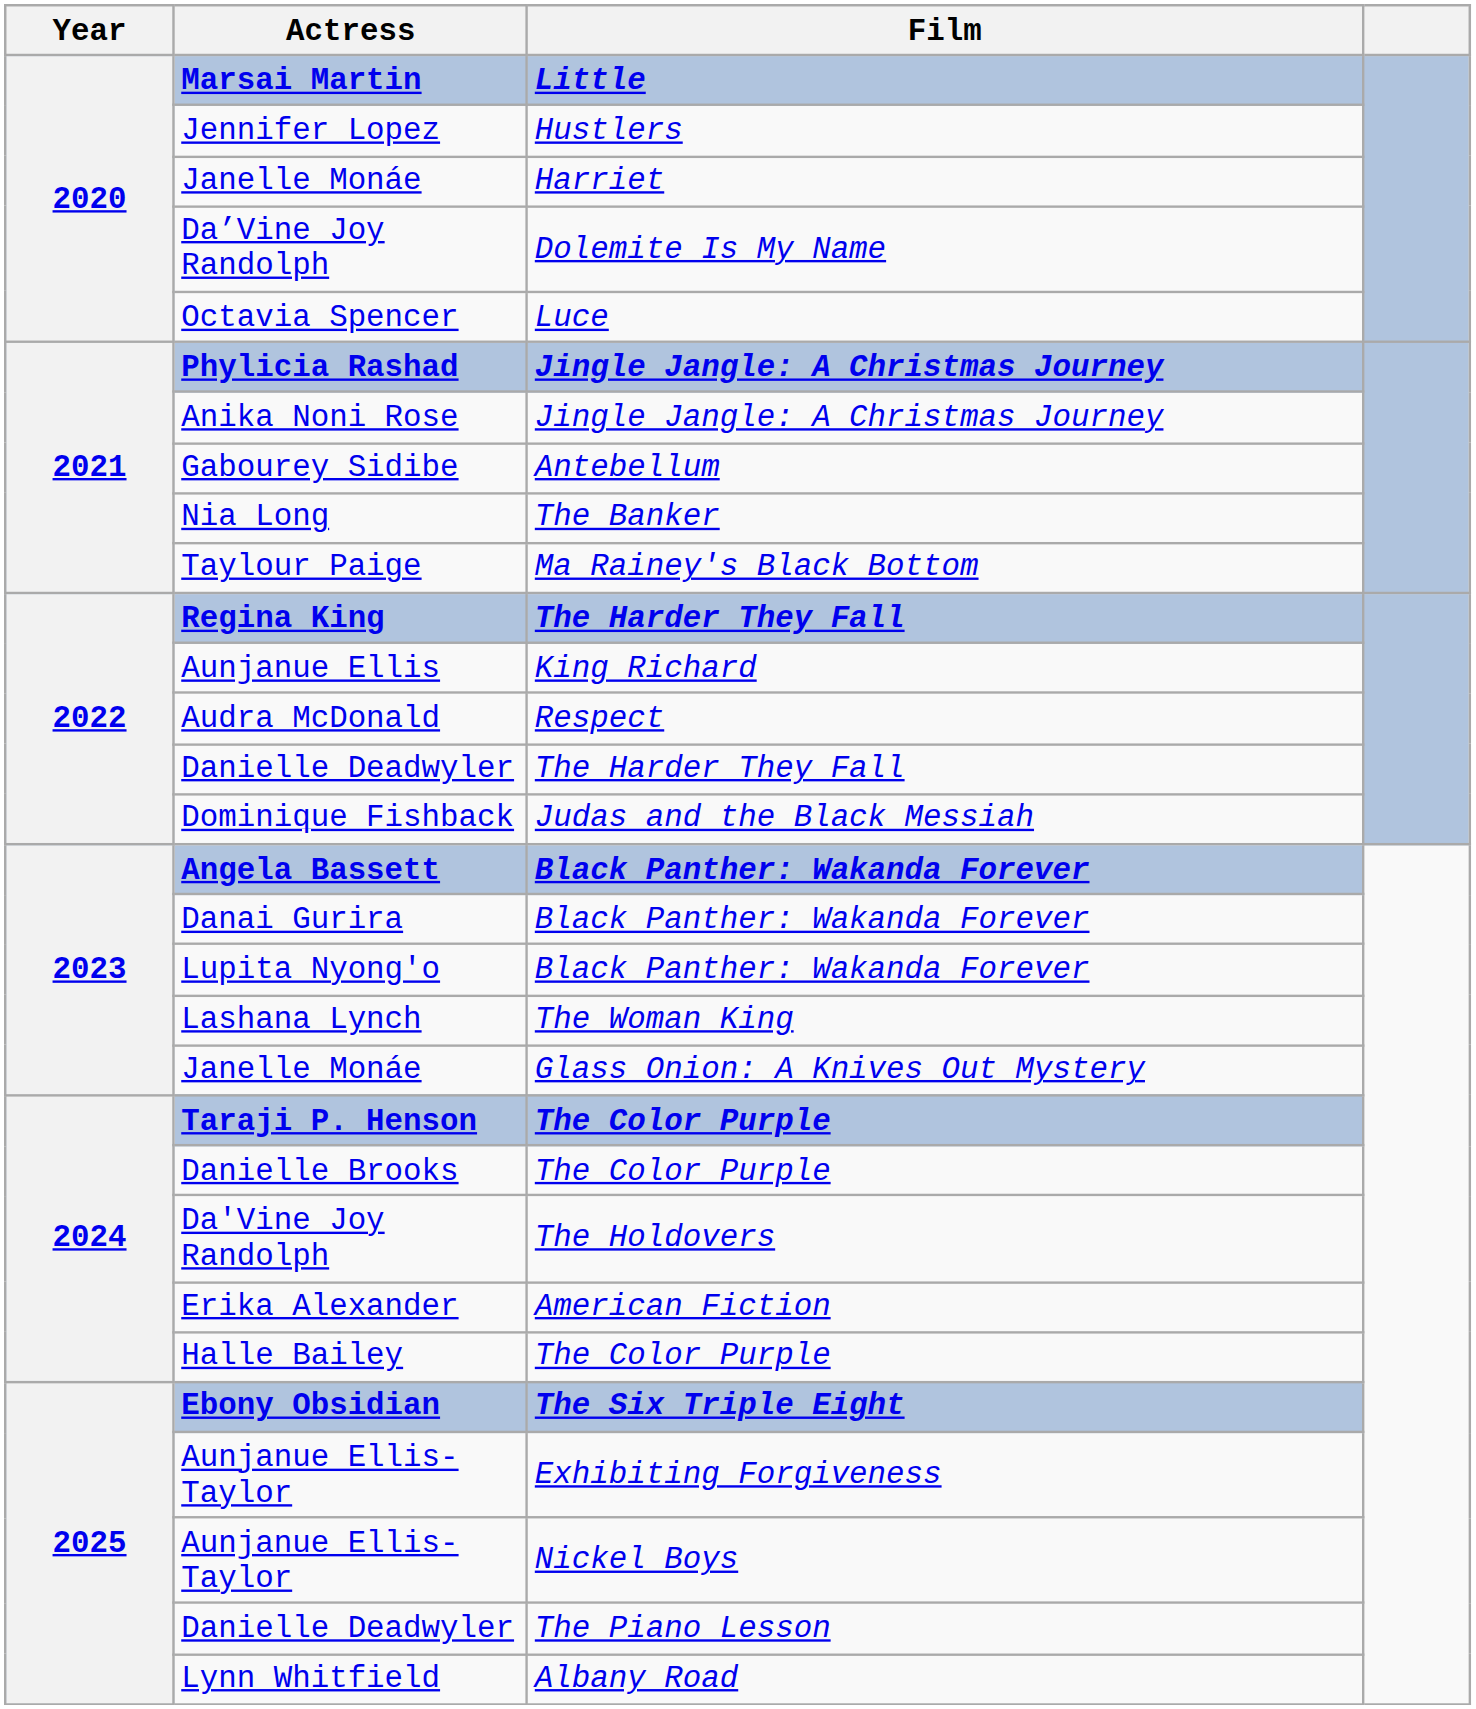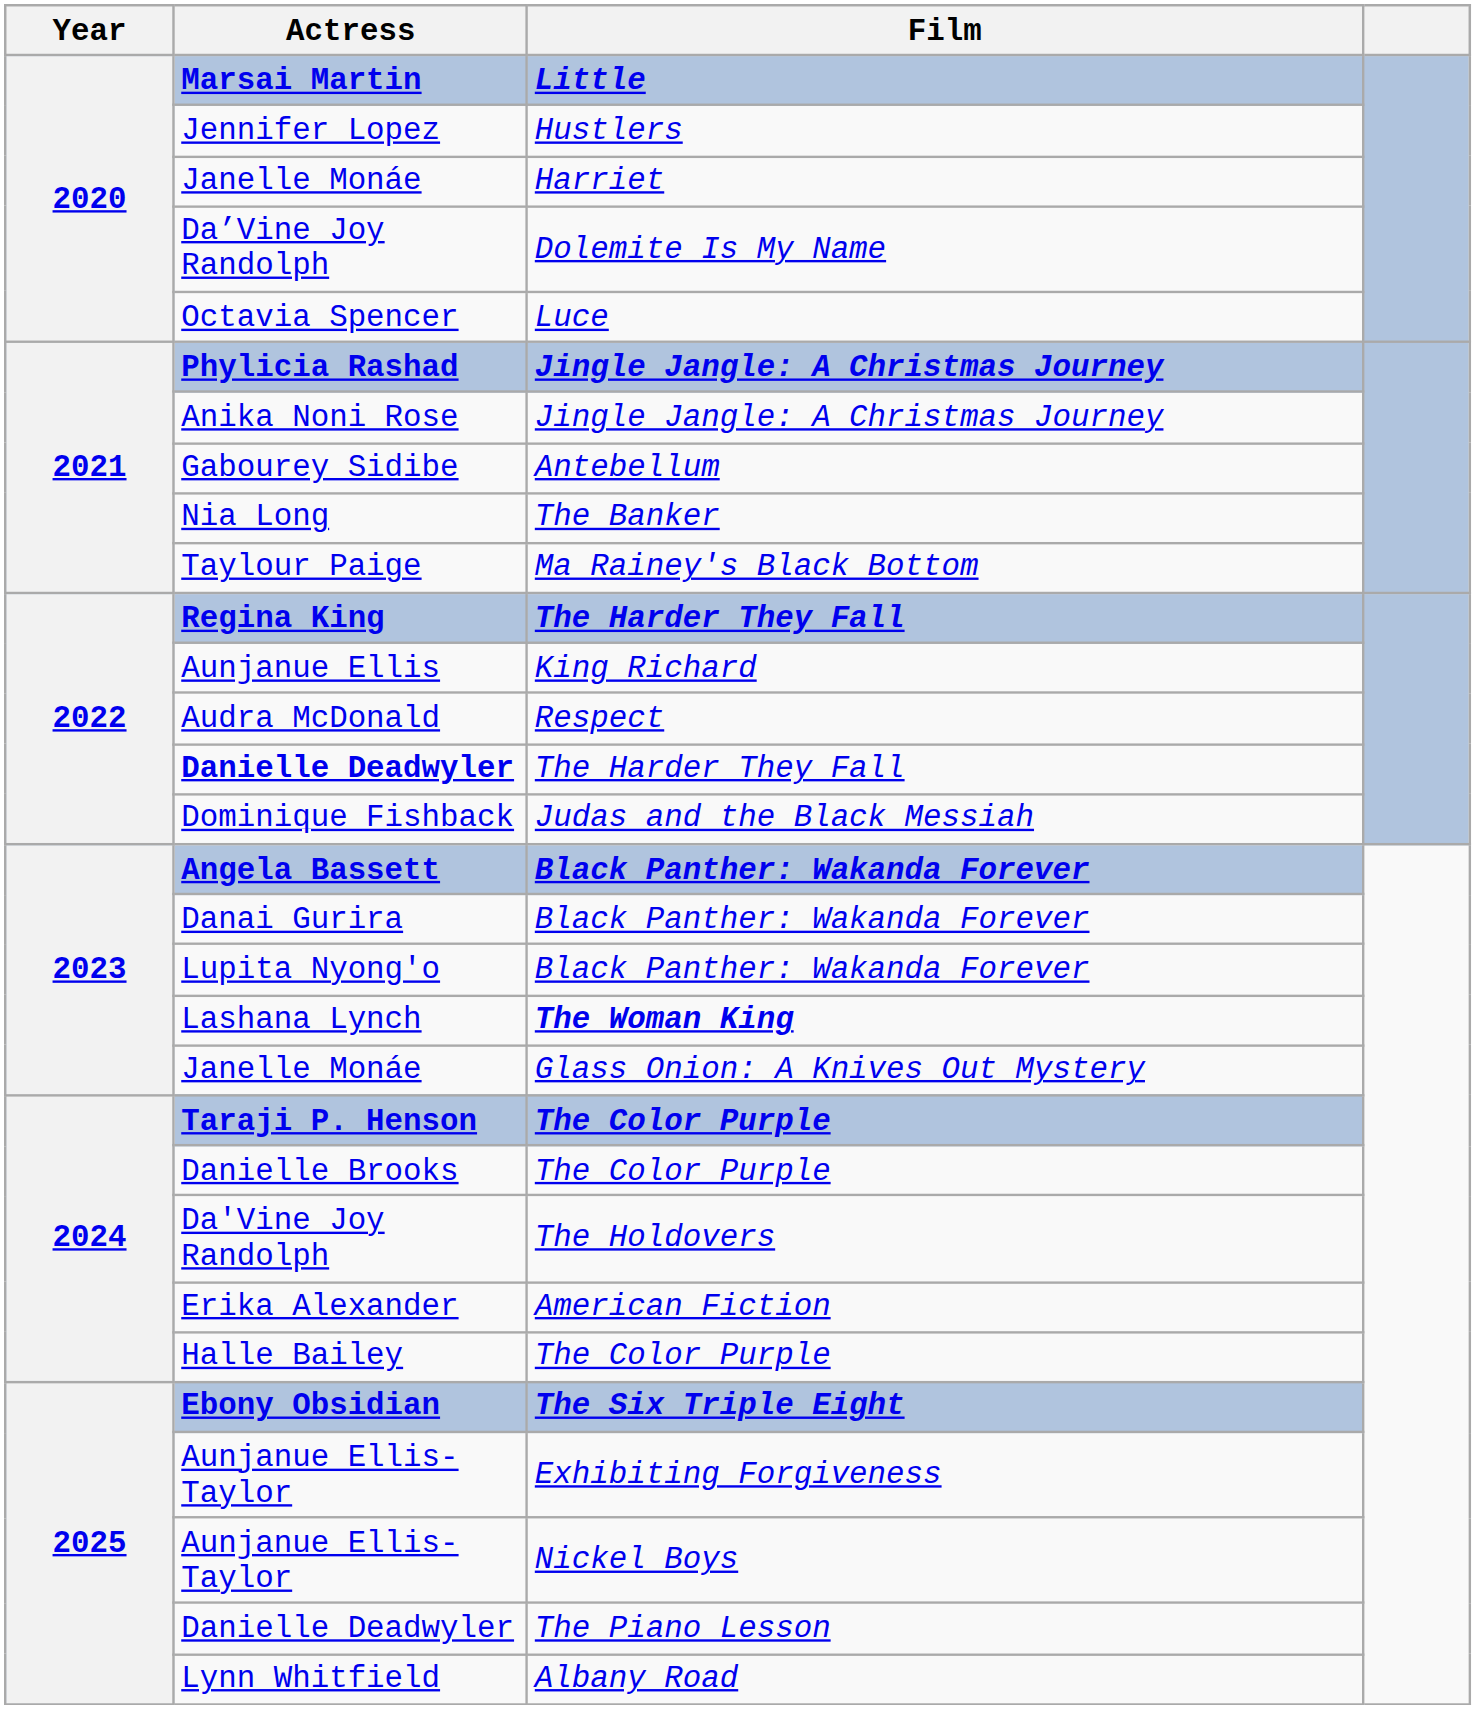 <table class="wikitable" style="width:70%;">
 <tr style="background:#bebebe;">
 <th scope="col" style="width:5em;">Year</th>
 <th scope="col" style="width:11em;">Actress</th>
 <th scope="col">Film</th>
 <th scope="col" style="width:3em;"></th>
 </tr>
 <tr style="background:#B0C4DE; font-weight:bold;">
 <th scope="row" rowspan="5"><a href='#'>2020</a></th>
 <td><a href='#'>Marsai Martin</a></td>
 <td><em><a href='#'>Little</a></em></td>
 <td rowspan="5" style="text-align:center;"></td>
 </tr>
 <tr>
 <td><a href='#'>Jennifer Lopez</a></td>
 <td><em><a href='#'>Hustlers</a></em></td>
 </tr>
 <tr>
 <td><a href='#'>Janelle Monáe</a></td>
 <td><em><a href='#'>Harriet</a></em></td>
 </tr>
 <tr>
 <td><a href='#'>Da’Vine Joy Randolph</a></td>
 <td><em><a href='#'>Dolemite Is My Name</a></em></td>
 </tr>
 <tr>
 <td><a href='#'>Octavia Spencer</a></td>
 <td><em><a href='#'>Luce</a></em></td>
 </tr>
 <tr style="background:#B0C4DE; font-weight:bold;">
 <th scope="row" rowspan="5"><a href='#'>2021</a></th>
 <td><a href='#'>Phylicia Rashad</a></td>
 <td><em><a href='#'>Jingle Jangle: A Christmas Journey</a></em></td>
 <td rowspan="5" style="text-align:center;"></td>
 </tr>
 <tr>
 <td><a href='#'>Anika Noni Rose</a></td>
 <td><em><a href='#'>Jingle Jangle: A Christmas Journey</a></em></td>
 </tr>
 <tr>
 <td><a href='#'>Gabourey Sidibe</a></td>
 <td><em><a href='#'>Antebellum</a></em></td>
 </tr>
 <tr>
 <td><a href='#'>Nia Long</a></td>
 <td><em><a href='#'>The Banker</a></em></td>
 </tr>
 <tr>
 <td><a href='#'>Taylour Paige</a></td>
 <td><em><a href='#'>Ma Rainey's Black Bottom</a></em></td>
 </tr>
 <tr style="background:#B0C4DE; font-weight:bold;">
 <th scope="row" rowspan="5"><a href='#'>2022</a></th>
 <td><a href='#'>Regina King</a></td>
 <td><em><a href='#'>The Harder They Fall</a></em></td>
 <td rowspan="5" style="text-align:center;"></td>
 </tr>
 <tr>
 <td><a href='#'>Aunjanue Ellis</a></td>
 <td><em><a href='#'>King Richard</a></em></td>
 </tr>
 <tr>
 <td><a href='#'>Audra McDonald</a></td>
 <td><em><a href='#'>Respect</a></em></td>
 </tr>
 <tr>
-<td><a href='#'>Danielle Deadwyler</a></td>
+<td><strong><a href='#'>Danielle Deadwyler</a></strong></td>
 <td><em><a href='#'>The Harder They Fall</a></em></td>
 </tr>
 <tr>
 <td><a href='#'>Dominique Fishback</a></td>
 <td><em><a href='#'>Judas and the Black Messiah</a></em></td>
 </tr>
 <tr style="background:#B0C4DE; font-weight:bold;">
 <th rowspan="5"><a href='#'>2023</a></th>
 <td><a href='#'>Angela Bassett</a></td>
 <td><strong><em><a href='#'>Black Panther: Wakanda Forever</a></em></strong></td>
 </tr>
 <tr>
 <td><a href='#'>Danai Gurira</a></td>
 <td><em><a href='#'>Black Panther: Wakanda Forever</a></em></td>
 </tr>
 <tr>
 <td><a href='#'>Lupita Nyong'o</a></td>
 <td><em><a href='#'>Black Panther: Wakanda Forever</a></em></td>
 </tr>
 <tr>
 <td><a href='#'>Lashana Lynch</a></td>
-<td><em><a href='#'>The Woman King</a></em></td>
+<td><strong><em><a href='#'>The Woman King</a></em></strong></td>
 </tr>
 <tr>
 <td><a href='#'>Janelle Monáe</a></td>
 <td><em><a href='#'>Glass Onion: A Knives Out Mystery</a></em></td>
 </tr>
 <tr style="background:#B0C4DE; font-weight:bold;">
 <th rowspan="5"><a href='#'>2024</a></th>
 <td><a href='#'>Taraji P. Henson</a></td>
 <td><strong><em><a href='#'>The Color Purple</a></em></strong></td>
 </tr>
 <tr>
 <td><a href='#'>Danielle Brooks</a></td>
 <td><em><a href='#'>The Color Purple</a></em></td>
 </tr>
 <tr>
 <td><a href='#'>Da'Vine Joy Randolph</a></td>
 <td><em><a href='#'>The Holdovers</a></em></td>
 </tr>
 <tr>
 <td><a href='#'>Erika Alexander</a></td>
 <td><em><a href='#'>American Fiction</a></em></td>
 </tr>
 <tr>
 <td><a href='#'>Halle Bailey</a></td>
 <td><em><a href='#'>The Color Purple</a></em></td>
 </tr>
 <tr style="background:#B0C4DE; font-weight:bold;">
 <th rowspan="5"><a href='#'>2025</a></th>
 <td><a href='#'>Ebony Obsidian</a></td>
 <td><strong><em><a href='#'>The Six Triple Eight</a></em></strong></td>
 </tr>
 <tr>
 <td><a href='#'>Aunjanue Ellis-Taylor</a></td>
 <td><em><a href='#'>Exhibiting Forgiveness</a></em></td>
 </tr>
 <tr>
 <td><a href='#'>Aunjanue Ellis-Taylor</a></td>
 <td><em><a href='#'>Nickel Boys</a></em></td>
 </tr>
 <tr>
 <td><a href='#'>Danielle Deadwyler</a></td>
 <td><em><a href='#'>The Piano Lesson</a></em></td>
 </tr>
 <tr>
 <td><a href='#'>Lynn Whitfield</a></td>
 <td><em><a href='#'>Albany Road</a></em></td>
 </tr>
 </table>
